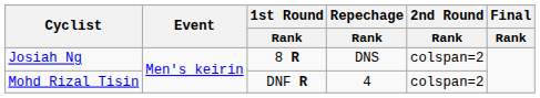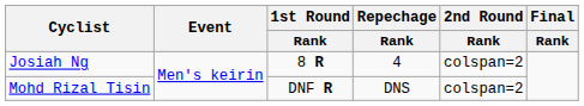 <table class="wikitable" style="font-size:90%">
 <tr>
 <th rowspan=2>Cyclist</th>
 <th rowspan=2>Event</th>
 <th>1st Round</th>
 <th>Repechage</th>
 <th>2nd Round</th>
 <th>Final</th>
 </tr>
 <tr style="font-size:95%">
 <th>Rank</th>
 <th>Rank</th>
 <th>Rank</th>
 <th>Rank</th>
 </tr>
 <tr align=center>
 <td align=left><a href='#'>Josiah Ng</a></td>
 <td align=left rowspan=2><a href='#'>Men's keirin</a></td>
 <td>8 <strong>R</strong></td>
-<td>DNS</td>
+<td>4</td>
 <td>colspan=2 </td>
 </tr>
 <tr align=center>
 <td align=left><a href='#'>Mohd Rizal Tisin</a></td>
 <td>DNF <strong>R</strong></td>
-<td>4</td>
+<td>DNS</td>
 <td>colspan=2 </td>
 </tr>
 </table>
